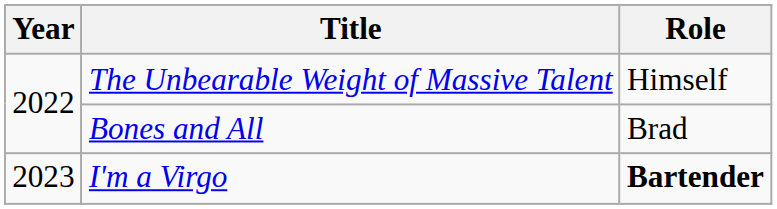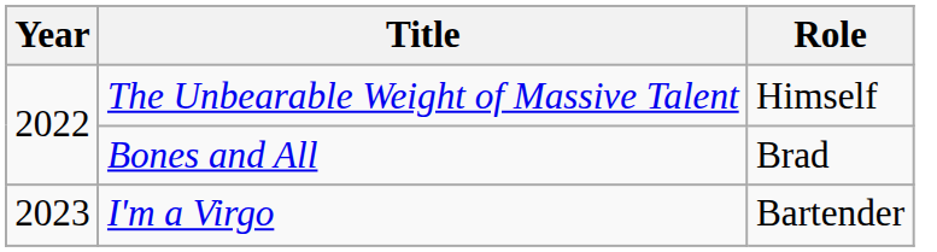 <table class="wikitable">
 <tr>
 <th>Year</th>
 <th>Title</th>
 <th>Role</th>
 </tr>
 <tr>
 <td rowspan=2>2022</td>
 <td><em><a href='#'>The Unbearable Weight of Massive Talent</a></em></td>
 <td>Himself</td>
 </tr>
 <tr>
 <td><em><a href='#'>Bones and All</a></em></td>
 <td>Brad</td>
 </tr>
 <tr>
 <td>2023</td>
 <td><em><a href='#'>I'm a Virgo</a></em></td>
-<td><strong>Bartender</strong></td>
+<td>Bartender</td>
 </tr>
 </table>
